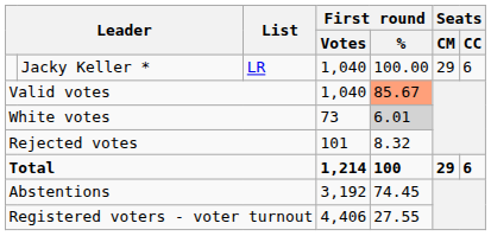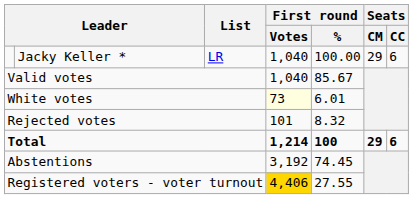 <table class="wikitable">
 <tr>
 <th colspan="2" rowspan="2">Leader</th>
 <th rowspan="2">List</th>
 <th colspan="2">First round</th>
 <th colspan="2">Seats</th>
 </tr>
 <tr>
 <th>Votes</th>
 <th>%</th>
 <th>CM</th>
 <th>CC</th>
 </tr>
 <tr>
 <td bgcolor=></td>
 <td>Jacky Keller *</td>
 <td><a href='#'>LR</a></td>
 <td>1,040</td>
 <td>100.00</td>
 <td>29</td>
 <td>6</td>
 </tr>
 <tr>
 <td colspan="3">Valid votes</td>
 <td>1,040</td>
-<td style="background: lightsalmon;">85.67</td>
+<td>85.67</td>
 <th colspan="2" rowspan="3"></th>
 </tr>
 <tr>
 <td colspan="3">White votes</td>
-<td>73</td>
-<td style="background: lightgrey;">6.01</td>
+<td style="background: lightyellow;">73</td>
+<td>6.01</td>
 </tr>
 <tr>
 <td colspan="3">Rejected votes</td>
 <td>101</td>
 <td>8.32</td>
 </tr>
 <tr>
 <td colspan="3"><strong>Total</strong></td>
 <td><strong>1,214</strong></td>
 <td><strong>100</strong></td>
 <td><strong>29</strong></td>
 <td><strong>6</strong></td>
 </tr>
 <tr>
 <td colspan="3">Abstentions</td>
 <td>3,192</td>
 <td>74.45</td>
 <th colspan="2" rowspan="2"></th>
 </tr>
 <tr>
 <td colspan="3">Registered voters - voter turnout</td>
-<td>4,406</td>
+<td style="background: gold;">4,406</td>
 <td>27.55</td>
 </tr>
 </table>
